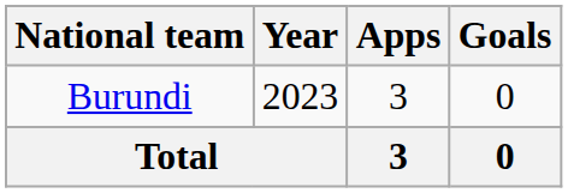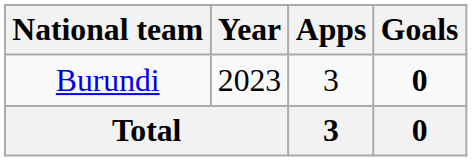 <table class="wikitable" style="text-align: center;">
 <tr>
 <th>National team</th>
 <th>Year</th>
 <th>Apps</th>
 <th>Goals</th>
 </tr>
 <tr>
 <td rowspan="1"><a href='#'>Burundi</a></td>
 <td>2023</td>
 <td>3</td>
-<td>0</td>
+<td><strong>0</strong></td>
 </tr>
 <tr>
 <th colspan="2">Total</th>
 <th>3</th>
 <th>0</th>
 </tr>
 </table>
